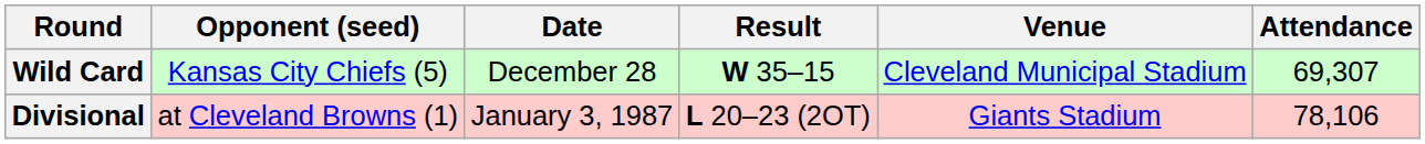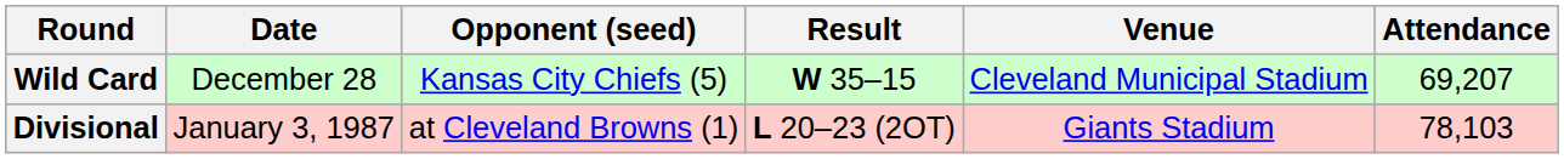 <table class="wikitable" style="text-align:center">
 <tr>
 <th>Round</th>
+<th>Date</th>
 <th>Opponent (seed)</th>
-<th>Date</th>
 <th>Result</th>
 <th>Venue</th>
 <th>Attendance</th>
 </tr>
 <tr style="background:#cfc">
 <th>Wild Card</th>
+<td>December 28</td>
 <td><a href='#'>Kansas City Chiefs</a> (5)</td>
-<td>December 28</td>
 <td><strong>W</strong> 35–15</td>
 <td><a href='#'>Cleveland Municipal Stadium</a></td>
-<td>69,307</td>
+<td>69,207</td>
 </tr>
 <tr style="background:#fcc">
 <th>Divisional</th>
+<td>January 3, 1987</td>
 <td>at <a href='#'>Cleveland Browns</a> (1)</td>
-<td>January 3, 1987</td>
 <td><strong>L</strong> 20–23 (2OT)</td>
 <td><a href='#'>Giants Stadium</a></td>
-<td>78,106</td>
+<td>78,103</td>
 </tr>
 </table>
